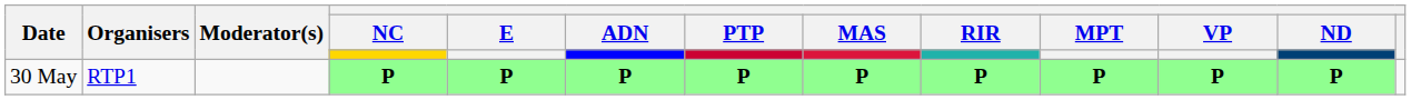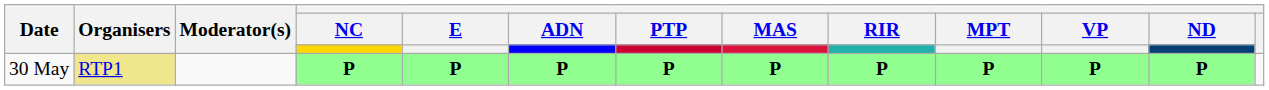 <table class="wikitable" style="text-align:center;">
 <tr>
 <th rowspan="3">Date</th>
 <th rowspan="3">Organisers</th>
 <th rowspan="3">Moderator(s)</th>
 <th colspan="10">          </th>
 </tr>
 <tr>
 <th scope="col" style="width:5em;"><a href='#'>NC</a></th>
 <th scope="col" style="width:5em;"><a href='#'>E</a></th>
 <th scope="col" style="width:5em;"><a href='#'>ADN</a></th>
 <th scope="col" style="width:5em;"><a href='#'>PTP</a></th>
 <th scope="col" style="width:5em;"><a href='#'>MAS</a></th>
 <th scope="col" style="width:5em;"><a href='#'>RIR</a></th>
 <th scope="col" style="width:5em;"><a href='#'>MPT</a></th>
 <th scope="col" style="width:5em;"><a href='#'>VP</a></th>
 <th scope="col" style="width:5em;"><a href='#'>ND</a></th>
 <th rowspan="2"></th>
 </tr>
 <tr>
 <th style="color:inherit;background:gold;"></th>
 <th style="color:inherit;background:"></th>
 <th style="color:inherit;background:blue;"></th>
 <th style="color:inherit;background:#CC0033;"></th>
 <th style="color:inherit;background:crimson;"></th>
 <th style="color:inherit;background:LightSeaGreen;"></th>
 <th style="color:inherit;background:"></th>
 <th style="color:inherit;background:"></th>
 <th style="color:inherit;background:#003F75;"></th>
 </tr>
 <tr>
 <td style="white-space:nowrap; text-align:left;">30 May</td>
-<td style="white-space:nowrap; text-align:left;"><a href='#'>RTP1</a></td>
+<td style="background: khaki; white-space:nowrap; text-align:left;"><a href='#'>RTP1</a></td>
 <td style="white-space:nowrap; text-align:left;"></td>
 <td style="background:#90FF90;"><strong>P</strong><br></td>
 <td style="background:#90FF90;"><strong>P</strong><br></td>
 <td style="background:#90FF90;"><strong>P</strong><br></td>
 <td style="background:#90FF90;"><strong>P</strong><br></td>
 <td style="background:#90FF90;"><strong>P</strong><br></td>
 <td style="background:#90FF90;"><strong>P</strong><br></td>
 <td style="background:#90FF90;"><strong>P</strong><br></td>
 <td style="background:#90FF90;"><strong>P</strong><br></td>
 <td style="background:#90FF90;"><strong>P</strong><br></td>
 <td></td>
 </tr>
 </table>
